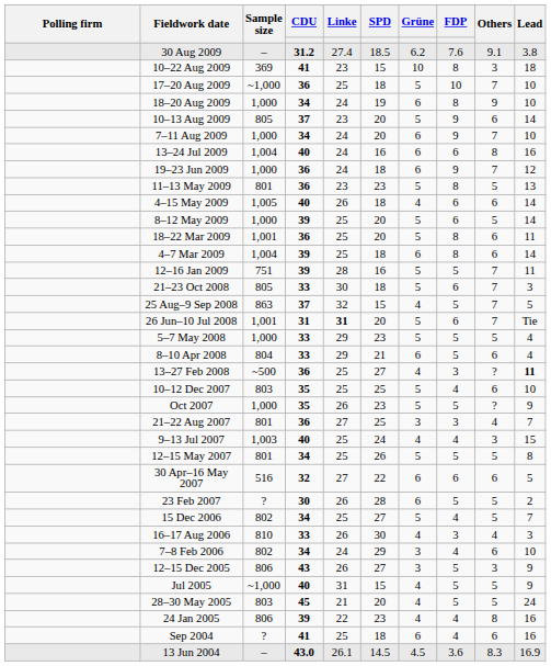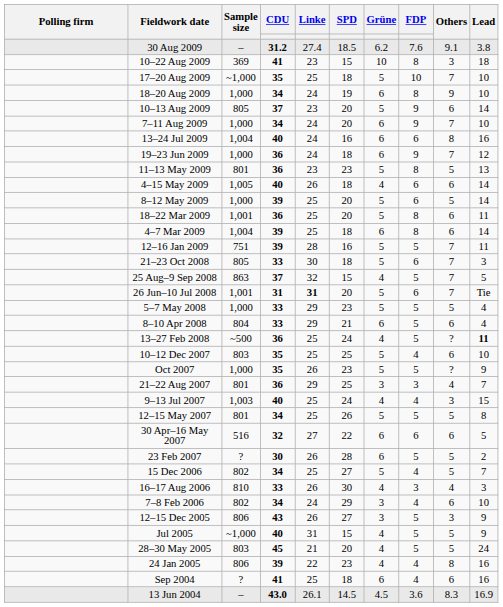 <table class="wikitable sortable" style="text-align:center;font-size:90%;line-height:14px;">
 <tr style="height:40px;">
 <th style="width:160px;" rowspan="2">Polling firm</th>
 <th style="width:120px;" rowspan="2">Fieldwork date</th>
 <th style="width:35px;" rowspan="2">Sample<br>size</th>
 <th class="unsortable" style="width:40px;"><a href='#'>CDU</a></th>
 <th class="unsortable" style="width:40px;"><a href='#'>Linke</a></th>
 <th class="unsortable" style="width:40px;"><a href='#'>SPD</a></th>
 <th class="unsortable" style="width:40px;"><a href='#'>Grüne</a></th>
 <th class="unsortable" style="width:40px;"><a href='#'>FDP</a></th>
 <th class="unsortable" style="width:40px;" rowspan="2">Others</th>
 <th style="width:30px;" rowspan="2">Lead</th>
 </tr>
 <tr>
 <th style="background:"></th>
 <th style="background:"></th>
 <th style="background:"></th>
 <th style="background:"></th>
 <th style="background:"></th>
 </tr>
 <tr style="background:#E9E9E9;">
 <td></td>
 <td data-sort-value="2009-08-30">30 Aug 2009</td>
 <td>–</td>
 <td><strong>31.2</strong></td>
 <td>27.4</td>
 <td>18.5</td>
 <td>6.2</td>
 <td>7.6</td>
 <td>9.1</td>
 <td style="background:">3.8</td>
 </tr>
 <tr>
 <td></td>
 <td data-sort-value="2009-08-25">10–22 Aug 2009</td>
 <td>369</td>
 <td><strong>41</strong></td>
 <td>23</td>
 <td>15</td>
 <td>10</td>
 <td>8</td>
 <td>3</td>
 <td style="background:">18</td>
 </tr>
 <tr>
 <td></td>
 <td data-sort-value="2009-08-21">17–20 Aug 2009</td>
 <td>~1,000</td>
-<td><strong>36</strong></td>
+<td><strong>35</strong></td>
 <td>25</td>
 <td>18</td>
 <td>5</td>
 <td>10</td>
 <td>7</td>
 <td style="background:">10</td>
 </tr>
 <tr>
 <td></td>
 <td data-sort-value="2009-08-20">18–20 Aug 2009</td>
 <td>1,000</td>
 <td><strong>34</strong></td>
 <td>24</td>
 <td>19</td>
 <td>6</td>
 <td>8</td>
 <td>9</td>
 <td style="background:">10</td>
 </tr>
 <tr>
 <td></td>
 <td data-sort-value="2009-08-22">10–13 Aug 2009</td>
 <td>805</td>
 <td><strong>37</strong></td>
 <td>23</td>
 <td>20</td>
 <td>5</td>
 <td>9</td>
 <td>6</td>
 <td style="background:">14</td>
 </tr>
 <tr>
 <td></td>
 <td data-sort-value="2009-08-12">7–11 Aug 2009</td>
 <td>1,000</td>
 <td><strong>34</strong></td>
 <td>24</td>
 <td>20</td>
 <td>6</td>
 <td>9</td>
 <td>7</td>
 <td style="background:">10</td>
 </tr>
 <tr>
 <td></td>
 <td data-sort-value="2009-07-29">13–24 Jul 2009</td>
 <td>1,004</td>
 <td><strong>40</strong></td>
 <td>24</td>
 <td>16</td>
 <td>6</td>
 <td>6</td>
 <td>8</td>
 <td style="background:">16</td>
 </tr>
 <tr>
 <td></td>
 <td data-sort-value="2009-06-25">19–23 Jun 2009</td>
 <td>1,000</td>
 <td><strong>36</strong></td>
 <td>24</td>
 <td>18</td>
 <td>6</td>
 <td>9</td>
 <td>7</td>
 <td style="background:">12</td>
 </tr>
 <tr>
 <td></td>
 <td data-sort-value="2009-05-25">11–13 May 2009</td>
 <td>801</td>
 <td><strong>36</strong></td>
 <td>23</td>
 <td>23</td>
 <td>5</td>
 <td>8</td>
 <td>5</td>
 <td style="background:">13</td>
 </tr>
 <tr>
 <td></td>
 <td data-sort-value="2009-05-19">4–15 May 2009</td>
 <td>1,005</td>
 <td><strong>40</strong></td>
 <td>26</td>
 <td>18</td>
 <td>4</td>
 <td>6</td>
 <td>6</td>
 <td style="background:">14</td>
 </tr>
 <tr>
 <td></td>
 <td data-sort-value="2009-05-15">8–12 May 2009</td>
 <td>1,000</td>
 <td><strong>39</strong></td>
 <td>25</td>
 <td>20</td>
 <td>5</td>
 <td>6</td>
 <td>5</td>
 <td style="background:">14</td>
 </tr>
 <tr>
 <td></td>
 <td data-sort-value="2009-03-25">18–22 Mar 2009</td>
 <td>1,001</td>
 <td><strong>36</strong></td>
 <td>25</td>
 <td>20</td>
 <td>5</td>
 <td>8</td>
 <td>6</td>
 <td style="background:">11</td>
 </tr>
 <tr>
 <td></td>
 <td data-sort-value="2009-03-10">4–7 Mar 2009</td>
 <td>1,004</td>
 <td><strong>39</strong></td>
 <td>25</td>
 <td>18</td>
 <td>6</td>
 <td>8</td>
 <td>6</td>
 <td style="background:">14</td>
 </tr>
 <tr>
 <td></td>
 <td data-sort-value="2009-01-22">12–16 Jan 2009</td>
 <td>751</td>
 <td><strong>39</strong></td>
 <td>28</td>
 <td>16</td>
 <td>5</td>
 <td>5</td>
 <td>7</td>
 <td style="background:">11</td>
 </tr>
 <tr>
 <td></td>
 <td data-sort-value="2008-11-05">21–23 Oct 2008</td>
 <td>805</td>
 <td><strong>33</strong></td>
 <td>30</td>
 <td>18</td>
 <td>5</td>
 <td>6</td>
 <td>7</td>
 <td style="background:">3</td>
 </tr>
 <tr>
 <td></td>
 <td data-sort-value="2008-09-10">25 Aug–9 Sep 2008</td>
 <td>863</td>
 <td><strong>37</strong></td>
 <td>32</td>
 <td>15</td>
 <td>4</td>
 <td>5</td>
 <td>7</td>
 <td style="background:">5</td>
 </tr>
 <tr>
 <td></td>
 <td data-sort-value="2008-07-30">26 Jun–10 Jul 2008</td>
 <td>1,001</td>
 <td><strong>31</strong></td>
 <td><strong>31</strong></td>
 <td>20</td>
 <td>5</td>
 <td>6</td>
 <td>7</td>
 <td data-sort-value="0">Tie</td>
 </tr>
 <tr>
 <td></td>
 <td data-sort-value="2008-05-08">5–7 May 2008</td>
 <td>1,000</td>
 <td><strong>33</strong></td>
 <td>29</td>
 <td>23</td>
 <td>5</td>
 <td>5</td>
 <td>5</td>
 <td style="background:">4</td>
 </tr>
 <tr>
 <td></td>
 <td data-sort-value="2008-04-15">8–10 Apr 2008</td>
 <td>804</td>
 <td><strong>33</strong></td>
 <td>29</td>
 <td>21</td>
 <td>6</td>
 <td>5</td>
 <td>6</td>
 <td style="background:">4</td>
 </tr>
 <tr>
 <td></td>
 <td data-sort-value="2008-03-02">13–27 Feb 2008</td>
 <td>~500</td>
 <td><strong>36</strong></td>
 <td>25</td>
-<td>27</td>
+<td>24</td>
 <td>4</td>
-<td>3</td>
+<td>5</td>
 <td>?</td>
 <td style="background:"><strong>11</strong></td>
 </tr>
 <tr>
 <td></td>
 <td data-sort-value="2007-12-17">10–12 Dec 2007</td>
 <td>803</td>
 <td><strong>35</strong></td>
 <td>25</td>
 <td>25</td>
 <td>5</td>
 <td>4</td>
 <td>6</td>
 <td style="background:">10</td>
 </tr>
 <tr>
 <td></td>
 <td data-sort-value="2008-02-28">Oct 2007</td>
 <td>1,000</td>
 <td><strong>35</strong></td>
 <td>26</td>
 <td>23</td>
 <td>5</td>
 <td>5</td>
 <td>?</td>
 <td style="background:">9</td>
 </tr>
 <tr>
 <td></td>
 <td data-sort-value="2007-08-29">21–22 Aug 2007</td>
 <td>801</td>
 <td><strong>36</strong></td>
-<td>27</td>
+<td>29</td>
 <td>25</td>
 <td>3</td>
 <td>3</td>
 <td>4</td>
 <td style="background:">7</td>
 </tr>
 <tr>
 <td></td>
 <td data-sort-value="2007-07-17">9–13 Jul 2007</td>
 <td>1,003</td>
 <td><strong>40</strong></td>
 <td>25</td>
 <td>24</td>
 <td>4</td>
 <td>4</td>
 <td>3</td>
 <td style="background:">15</td>
 </tr>
 <tr>
 <td></td>
 <td data-sort-value="2007-05-24">12–15 May 2007</td>
 <td>801</td>
 <td><strong>34</strong></td>
 <td>25</td>
 <td>26</td>
 <td>5</td>
 <td>5</td>
 <td>5</td>
 <td style="background:">8</td>
 </tr>
 <tr>
 <td></td>
 <td data-sort-value="2007-05-20">30 Apr–16 May 2007</td>
 <td>516</td>
 <td><strong>32</strong></td>
 <td>27</td>
 <td>22</td>
 <td>6</td>
 <td>6</td>
 <td>6</td>
 <td style="background:">5</td>
 </tr>
 <tr>
 <td></td>
 <td data-sort-value="2007-02-23">23 Feb 2007</td>
 <td>?</td>
 <td><strong>30</strong></td>
 <td>26</td>
 <td>28</td>
 <td>6</td>
 <td>5</td>
 <td>5</td>
 <td style="background:">2</td>
 </tr>
 <tr>
 <td></td>
 <td data-sort-value="2006-12-15">15 Dec 2006</td>
 <td>802</td>
 <td><strong>34</strong></td>
 <td>25</td>
 <td>27</td>
 <td>5</td>
 <td>4</td>
 <td>5</td>
 <td style="background:">7</td>
 </tr>
 <tr>
 <td></td>
 <td data-sort-value="2006-08-28">16–17 Aug 2006</td>
 <td>810</td>
 <td><strong>33</strong></td>
 <td>26</td>
 <td>30</td>
 <td>4</td>
 <td>3</td>
 <td>4</td>
 <td style="background:">3</td>
 </tr>
 <tr>
 <td></td>
 <td data-sort-value="2006-03-07">7–8 Feb 2006</td>
 <td>802</td>
 <td><strong>34</strong></td>
 <td>24</td>
 <td>29</td>
 <td>3</td>
 <td>4</td>
 <td>6</td>
 <td style="background:">10</td>
 </tr>
 <tr>
 <td></td>
 <td data-sort-value="2006-01-03">12–15 Dec 2005</td>
 <td>806</td>
 <td><strong>43</strong></td>
 <td>26</td>
 <td>27</td>
 <td>3</td>
 <td>5</td>
 <td>3</td>
 <td style="background:">9</td>
 </tr>
 <tr>
 <td></td>
 <td data-sort-value="2005-07-19">Jul 2005</td>
 <td>~1,000</td>
 <td><strong>40</strong></td>
 <td>31</td>
 <td>15</td>
 <td>4</td>
 <td>5</td>
 <td>5</td>
 <td style="background:">9</td>
 </tr>
 <tr>
 <td></td>
 <td data-sort-value="2005-06-06">28–30 May 2005</td>
 <td>803</td>
 <td><strong>45</strong></td>
 <td>21</td>
 <td>20</td>
 <td>4</td>
 <td>5</td>
 <td>5</td>
 <td style="background:">24</td>
 </tr>
 <tr>
 <td></td>
 <td data-sort-value="2005-01-24">24 Jan 2005</td>
 <td>806</td>
 <td><strong>39</strong></td>
 <td>22</td>
 <td>23</td>
 <td>4</td>
 <td>4</td>
 <td>8</td>
 <td style="background:">16</td>
 </tr>
 <tr>
 <td></td>
 <td data-sort-value="2004-09-30">Sep 2004</td>
 <td>?</td>
 <td><strong>41</strong></td>
 <td>25</td>
 <td>18</td>
 <td>6</td>
 <td>4</td>
 <td>6</td>
 <td style="background:">16</td>
 </tr>
 <tr style="background:#E9E9E9;">
 <td></td>
 <td data-sort-value="2009-06-13">13 Jun 2004</td>
 <td>–</td>
 <td><strong>43.0</strong></td>
 <td>26.1</td>
 <td>14.5</td>
 <td>4.5</td>
 <td>3.6</td>
 <td>8.3</td>
 <td style="background:">16.9</td>
 </tr>
 </table>
